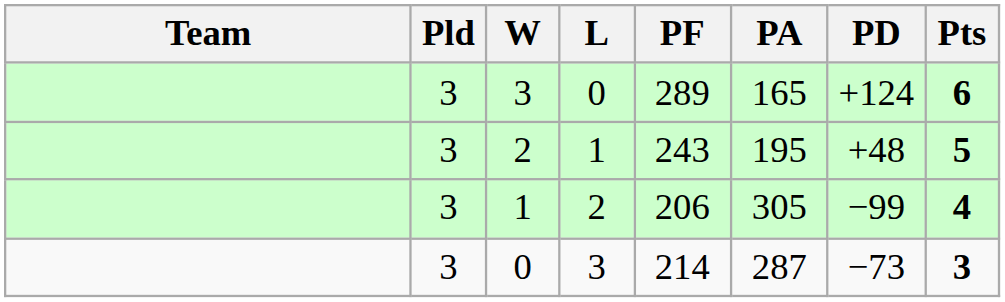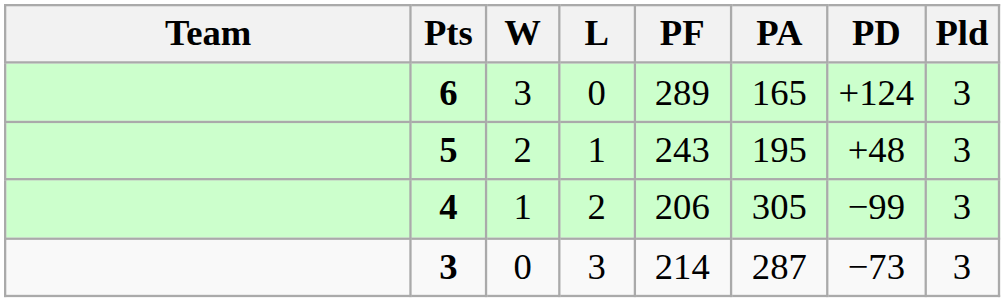 <table class="wikitable" style="text-align:center;">
 <tr>
 <th width=170>Team</th>
-<th width=25>Pld</th>
+<th width=25>Pts</th>
 <th width=25>W</th>
 <th width=25>L</th>
 <th width=35>PF</th>
 <th width=35>PA</th>
 <th width=35>PD</th>
-<th width=25>Pts</th>
+<th width=25>Pld</th>
 </tr>
 <tr bgcolor="#ccffcc">
 <td align="left"></td>
-<td>3</td>
+<td><strong>6</strong></td>
 <td>3</td>
 <td>0</td>
 <td>289</td>
 <td>165</td>
 <td>+124</td>
-<td><strong>6</strong></td>
+<td>3</td>
 </tr>
 <tr bgcolor="#ccffcc">
 <td align="left"></td>
-<td>3</td>
+<td><strong>5</strong></td>
 <td>2</td>
 <td>1</td>
 <td>243</td>
 <td>195</td>
 <td>+48</td>
-<td><strong>5</strong></td>
+<td>3</td>
 </tr>
 <tr bgcolor="#ccffcc">
 <td align="left"></td>
-<td>3</td>
+<td><strong>4</strong></td>
 <td>1</td>
 <td>2</td>
 <td>206</td>
 <td>305</td>
 <td>−99</td>
-<td><strong>4</strong></td>
+<td>3</td>
 </tr>
 <tr>
 <td align="left"></td>
-<td>3</td>
+<td><strong>3</strong></td>
 <td>0</td>
 <td>3</td>
 <td>214</td>
 <td>287</td>
 <td>−73</td>
-<td><strong>3</strong></td>
+<td>3</td>
 </tr>
 </table>
